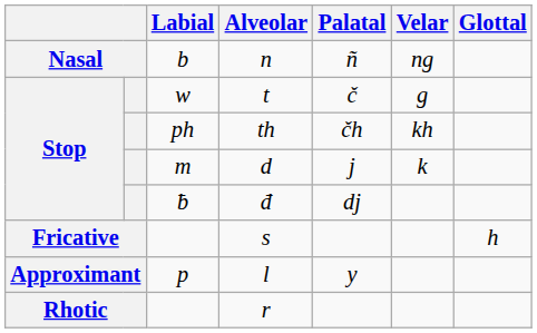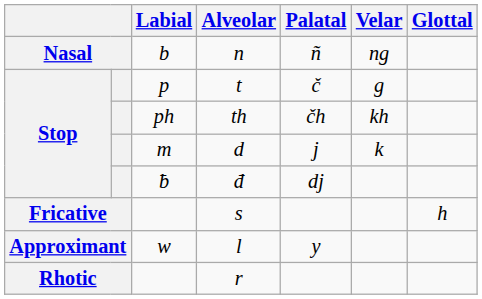 <table class="wikitable" style=text-align:center>
 <tr>
 <th colspan=2></th>
 <th><a href='#'>Labial</a></th>
 <th><a href='#'>Alveolar</a></th>
 <th><a href='#'>Palatal</a></th>
 <th><a href='#'>Velar</a></th>
 <th><a href='#'>Glottal</a></th>
 </tr>
 <tr>
 <th colspan=2><a href='#'>Nasal</a></th>
 <td><em>b</em> </td>
 <td><em>n</em> </td>
 <td><em>ñ</em> </td>
 <td><em>ng</em> </td>
 <td></td>
 </tr>
 <tr>
 <th rowspan=4><a href='#'>Stop</a></th>
 <th></th>
-<td><em>w</em> </td>
+<td><em>p</em> </td>
 <td><em>t</em> </td>
 <td><em>č</em> </td>
 <td><em>g</em> </td>
 <td></td>
 </tr>
 <tr>
 <th></th>
 <td><em>ph</em> </td>
 <td><em>th</em> </td>
 <td><em>čh</em> </td>
 <td><em>kh</em> </td>
 <td></td>
 </tr>
 <tr>
 <th></th>
 <td><em>m</em> </td>
 <td><em>d</em> </td>
 <td><em>j</em> </td>
 <td><em>k</em> </td>
 <td></td>
 </tr>
 <tr>
 <th></th>
 <td><em>ƀ</em> </td>
 <td><em>đ</em> </td>
 <td><em>dj</em> </td>
 <td></td>
 <td></td>
 </tr>
 <tr>
 <th colspan=2><a href='#'>Fricative</a></th>
 <td></td>
 <td><em>s</em> </td>
 <td></td>
 <td></td>
 <td><em>h</em> </td>
 </tr>
 <tr>
 <th colspan=2><a href='#'>Approximant</a></th>
-<td><em>p</em> </td>
+<td><em>w</em> </td>
 <td><em>l</em> </td>
 <td><em>y</em> </td>
 <td></td>
 <td></td>
 </tr>
 <tr>
 <th colspan=2><a href='#'>Rhotic</a></th>
 <td></td>
 <td><em>r</em> </td>
 <td></td>
 <td></td>
 <td></td>
 </tr>
 </table>
